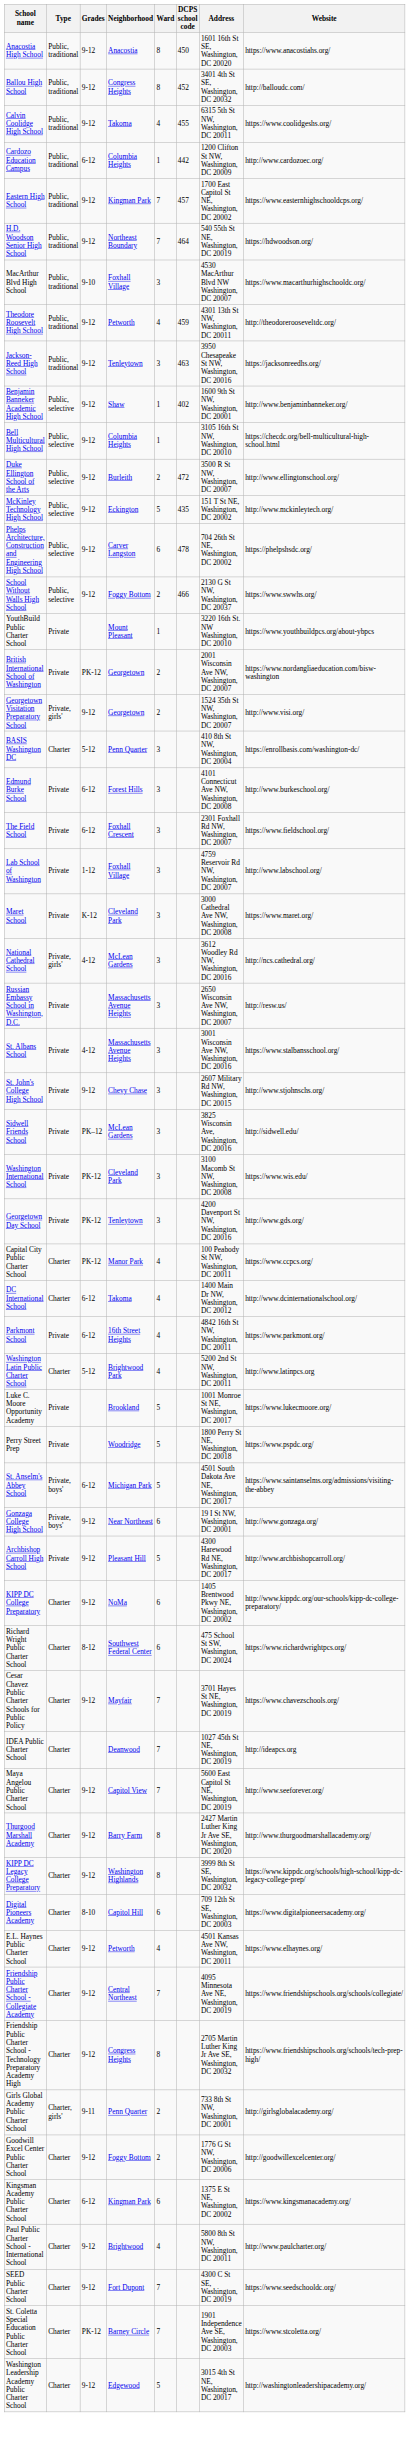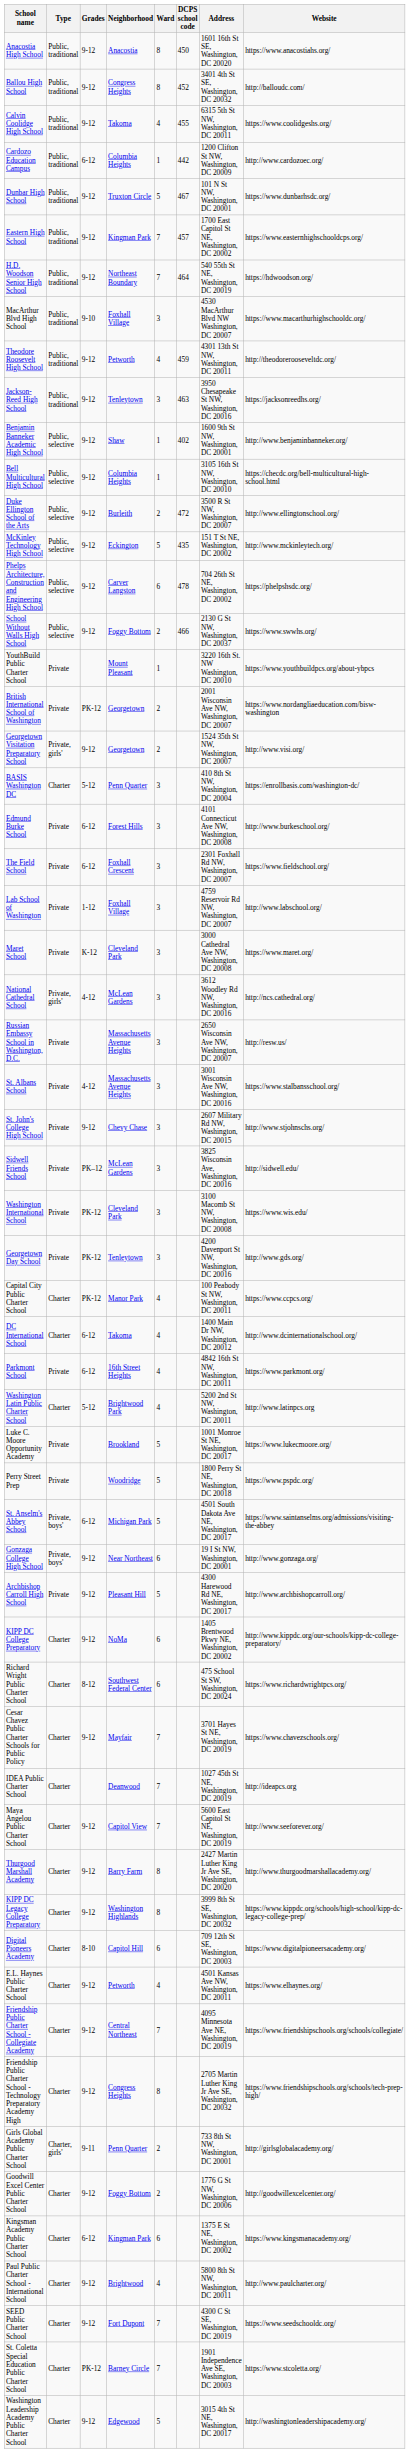 <table class="wikitable sortable">
 <tr>
 <th>School name</th>
 <th>Type</th>
 <th>Grades</th>
 <th>Neighborhood</th>
 <th>Ward</th>
 <th width="5%">DCPS school code</th>
 <th>Address</th>
 <th>Website</th>
 </tr>
 <tr>
 <td><a href='#'>Anacostia High School</a></td>
 <td>Public, traditional</td>
 <td>9-12</td>
 <td><a href='#'>Anacostia</a></td>
 <td>8</td>
 <td>450</td>
 <td>1601 16th St SE, Washington, DC 20020</td>
 <td>https://www.anacostiahs.org/</td>
 </tr>
 <tr>
 <td><a href='#'>Ballou High School</a></td>
 <td>Public, traditional</td>
 <td>9-12</td>
 <td><a href='#'>Congress Heights</a></td>
 <td>8</td>
 <td>452</td>
 <td>3401 4th St SE, Washington, DC 20032</td>
 <td>http://balloudc.com/</td>
 </tr>
 <tr>
 <td><a href='#'>Calvin Coolidge High School</a></td>
 <td>Public, traditional</td>
 <td>9-12</td>
 <td><a href='#'>Takoma</a></td>
 <td>4</td>
 <td>455</td>
 <td>6315 5th St NW, Washington, DC 20011</td>
 <td>https://www.coolidgeshs.org/</td>
 </tr>
 <tr>
 <td><a href='#'>Cardozo Education Campus</a></td>
 <td>Public, traditional</td>
 <td>6-12</td>
 <td><a href='#'>Columbia Heights</a></td>
 <td>1</td>
 <td>442</td>
 <td>1200 Clifton St NW, Washington, DC 20009</td>
 <td>http://www.cardozoec.org/</td>
+</tr>
+<tr>
+<td><a href='#'>Dunbar High School</a></td>
+<td>Public, traditional</td>
+<td>9-12</td>
+<td><a href='#'>Truxton Circle</a></td>
+<td>5</td>
+<td>467</td>
+<td>101 N St NW, Washington, DC 20001</td>
+<td>https://www.dunbarhsdc.org/</td>
 </tr>
 <tr>
 <td><a href='#'>Eastern High School</a></td>
 <td>Public, traditional</td>
 <td>9-12</td>
 <td><a href='#'>Kingman Park</a></td>
 <td>7</td>
 <td>457</td>
 <td>1700 East Capitol St NE, Washington, DC 20002</td>
 <td>https://www.easternhighschooldcps.org/</td>
 </tr>
 <tr>
 <td><a href='#'>H.D. Woodson Senior High School</a></td>
 <td>Public, traditional</td>
 <td>9-12</td>
 <td><a href='#'>Northeast Boundary</a></td>
 <td>7</td>
 <td>464</td>
 <td>540 55th St NE, Washington, DC 20019</td>
 <td>https://hdwoodson.org/</td>
 </tr>
 <tr>
 <td>MacArthur Blvd High School</td>
 <td>Public, traditional</td>
 <td>9-10</td>
 <td><a href='#'>Foxhall Village</a></td>
 <td>3</td>
 <td></td>
 <td>4530 MacArthur Blvd NW<br>Washington, DC 20007</td>
 <td>https://www.macarthurhighschooldc.org/</td>
 </tr>
 <tr>
 <td><a href='#'>Theodore Roosevelt High School</a></td>
 <td>Public, traditional</td>
 <td>9-12</td>
 <td><a href='#'>Petworth</a></td>
 <td>4</td>
 <td>459</td>
 <td>4301 13th St NW, Washington, DC 20011</td>
 <td>http://theodorerooseveltdc.org/</td>
 </tr>
 <tr>
 <td><a href='#'>Jackson-Reed High School</a></td>
 <td>Public, traditional</td>
 <td>9-12</td>
 <td><a href='#'>Tenleytown</a></td>
 <td>3</td>
 <td>463</td>
 <td>3950 Chesapeake St NW, Washington, DC 20016</td>
 <td>https://jacksonreedhs.org/</td>
 </tr>
 <tr>
 <td><a href='#'>Benjamin Banneker Academic High School</a></td>
 <td>Public, selective</td>
 <td>9-12</td>
 <td><a href='#'>Shaw</a></td>
 <td>1</td>
 <td>402</td>
 <td>1600 9th St NW, Washington, DC 20001</td>
 <td>http://www.benjaminbanneker.org/</td>
 </tr>
 <tr>
 <td><a href='#'>Bell Multicultural High School</a></td>
 <td>Public, selective</td>
 <td>9-12</td>
 <td><a href='#'>Columbia Heights</a></td>
 <td>1</td>
 <td></td>
 <td>3105 16th St NW, Washington, DC 20010</td>
 <td>https://checdc.org/bell-multicultural-high-school.html</td>
 </tr>
 <tr>
 <td><a href='#'>Duke Ellington School of the Arts</a></td>
 <td>Public, selective</td>
 <td>9-12</td>
 <td><a href='#'>Burleith</a></td>
 <td>2</td>
 <td>472</td>
 <td>3500 R St NW, Washington, DC 20007</td>
 <td>http://www.ellingtonschool.org/</td>
 </tr>
 <tr>
 <td><a href='#'>McKinley Technology High School</a></td>
 <td>Public, selective</td>
 <td>9-12</td>
 <td><a href='#'>Eckington</a></td>
 <td>5</td>
 <td>435</td>
 <td>151 T St NE, Washington, DC 20002</td>
 <td>http://www.mckinleytech.org/</td>
 </tr>
 <tr>
 <td><a href='#'>Phelps Architecture, Construction and Engineering High School</a></td>
 <td>Public, selective</td>
 <td>9-12</td>
 <td><a href='#'>Carver Langston</a></td>
 <td>6</td>
 <td>478</td>
 <td>704 26th St NE, Washington, DC 20002</td>
 <td>https://phelpshsdc.org/</td>
 </tr>
 <tr>
 <td><a href='#'>School Without Walls High School</a></td>
 <td>Public, selective</td>
 <td>9-12</td>
 <td><a href='#'>Foggy Bottom</a></td>
 <td>2</td>
 <td>466</td>
 <td>2130 G St NW, Washington, DC 20037</td>
 <td>https://www.swwhs.org/</td>
 </tr>
 <tr>
 <td>YouthBuild Public Charter School</td>
 <td>Private</td>
 <td></td>
 <td><a href='#'>Mount Pleasant</a></td>
 <td>1</td>
 <td></td>
 <td>3220 16th St. NW Washington, DC 20010</td>
 <td>https://www.youthbuildpcs.org/about-ybpcs</td>
 </tr>
 <tr>
 <td><a href='#'>British International School of Washington</a></td>
 <td>Private</td>
 <td>PK-12</td>
 <td><a href='#'>Georgetown</a></td>
 <td>2</td>
 <td></td>
 <td>2001 Wisconsin Ave NW, Washington, DC 20007</td>
 <td>https://www.nordangliaeducation.com/bisw-washington</td>
 </tr>
 <tr>
 <td><a href='#'>Georgetown Visitation Preparatory School</a></td>
 <td>Private, girls'</td>
 <td>9-12</td>
 <td><a href='#'>Georgetown</a></td>
 <td>2</td>
 <td></td>
 <td>1524 35th St NW, Washington, DC 20007</td>
 <td>http://www.visi.org/</td>
 </tr>
 <tr>
 <td><a href='#'>BASIS Washington DC</a></td>
 <td>Charter</td>
 <td>5-12</td>
 <td><a href='#'>Penn Quarter</a></td>
 <td>3</td>
 <td></td>
 <td>410 8th St NW, Washington, DC 20004</td>
 <td>https://enrollbasis.com/washington-dc/</td>
 </tr>
 <tr>
 <td><a href='#'>Edmund Burke School</a></td>
 <td>Private</td>
 <td>6-12</td>
 <td><a href='#'>Forest Hills</a></td>
 <td>3</td>
 <td></td>
 <td>4101 Connecticut Ave NW, Washington, DC 20008</td>
 <td>http://www.burkeschool.org/</td>
 </tr>
 <tr>
 <td><a href='#'>The Field School</a></td>
 <td>Private</td>
 <td>6-12</td>
 <td><a href='#'>Foxhall Crescent</a></td>
 <td>3</td>
 <td></td>
 <td>2301 Foxhall Rd NW, Washington, DC 20007</td>
 <td>https://www.fieldschool.org/</td>
 </tr>
 <tr>
 <td><a href='#'>Lab School of Washington</a></td>
 <td>Private</td>
 <td>1-12</td>
 <td><a href='#'>Foxhall Village</a></td>
 <td>3</td>
 <td></td>
 <td>4759 Reservoir Rd NW, Washington, DC 20007</td>
 <td>http://www.labschool.org/</td>
 </tr>
 <tr>
 <td><a href='#'>Maret School</a></td>
 <td>Private</td>
 <td>K-12</td>
 <td><a href='#'>Cleveland Park</a></td>
 <td>3</td>
 <td></td>
 <td>3000 Cathedral Ave NW, Washington, DC 20008</td>
 <td>https://www.maret.org/</td>
 </tr>
 <tr>
 <td><a href='#'>National Cathedral School</a></td>
 <td>Private, girls'</td>
 <td>4-12</td>
 <td><a href='#'>McLean Gardens</a></td>
 <td>3</td>
 <td></td>
 <td>3612 Woodley Rd NW, Washington, DC 20016</td>
 <td>http://ncs.cathedral.org/</td>
 </tr>
 <tr>
 <td><a href='#'>Russian Embassy School in Washington, D.C.</a></td>
 <td>Private</td>
 <td></td>
 <td><a href='#'>Massachusetts Avenue Heights</a></td>
 <td>3</td>
 <td></td>
 <td>2650 Wisconsin Ave NW, Washington, DC 20007</td>
 <td>http://resw.us/</td>
 </tr>
 <tr>
 <td><a href='#'>St. Albans School</a></td>
 <td>Private</td>
 <td>4-12</td>
 <td><a href='#'>Massachusetts Avenue Heights</a></td>
 <td>3</td>
 <td></td>
 <td>3001 Wisconsin Ave NW, Washington, DC 20016</td>
 <td>https://www.stalbansschool.org/</td>
 </tr>
 <tr>
 <td><a href='#'>St. John's College High School</a></td>
 <td>Private</td>
 <td>9-12</td>
 <td><a href='#'>Chevy Chase</a></td>
 <td>3</td>
 <td></td>
 <td>2607 Military Rd NW, Washington, DC 20015</td>
 <td>http://www.stjohnschs.org/</td>
 </tr>
 <tr>
 <td><a href='#'>Sidwell Friends School</a></td>
 <td>Private</td>
 <td>PK–12</td>
 <td><a href='#'>McLean Gardens</a></td>
 <td>3</td>
 <td></td>
 <td>3825 Wisconsin Ave, Washington, DC 20016</td>
 <td>http://sidwell.edu/</td>
 </tr>
 <tr>
 <td><a href='#'>Washington International School</a></td>
 <td>Private</td>
 <td>PK-12</td>
 <td><a href='#'>Cleveland Park</a></td>
 <td>3</td>
 <td></td>
 <td>3100 Macomb St NW, Washington, DC 20008</td>
 <td>https://www.wis.edu/</td>
 </tr>
 <tr>
 <td><a href='#'>Georgetown Day School</a></td>
 <td>Private</td>
 <td>PK-12</td>
 <td><a href='#'>Tenleytown</a></td>
 <td>3</td>
 <td></td>
 <td>4200 Davenport St NW, Washington, DC 20016</td>
 <td>http://www.gds.org/</td>
 </tr>
 <tr>
 <td>Capital City Public Charter School</td>
 <td>Charter</td>
 <td>PK-12</td>
 <td><a href='#'>Manor Park</a></td>
 <td>4</td>
 <td></td>
 <td>100 Peabody St NW, Washington, DC 20011</td>
 <td>https://www.ccpcs.org/</td>
 </tr>
 <tr>
 <td><a href='#'>DC International School</a></td>
 <td>Charter</td>
 <td>6-12</td>
 <td><a href='#'>Takoma</a></td>
 <td>4</td>
 <td></td>
 <td>1400 Main Dr NW, Washington, DC 20012</td>
 <td>http://www.dcinternationalschool.org/</td>
 </tr>
 <tr>
 <td><a href='#'>Parkmont School</a></td>
 <td>Private</td>
 <td>6-12</td>
 <td><a href='#'>16th Street Heights</a></td>
 <td>4</td>
 <td></td>
 <td>4842 16th St NW, Washington, DC 20011</td>
 <td>https://www.parkmont.org/</td>
 </tr>
 <tr>
 <td><a href='#'>Washington Latin Public Charter School</a></td>
 <td>Charter</td>
 <td>5-12</td>
 <td><a href='#'>Brightwood Park</a></td>
 <td>4</td>
 <td></td>
 <td>5200 2nd St NW, Washington, DC 20011</td>
 <td>http://www.latinpcs.org</td>
 </tr>
 <tr>
 <td>Luke C. Moore Opportunity Academy</td>
 <td>Private</td>
 <td></td>
 <td><a href='#'>Brookland</a></td>
 <td>5</td>
 <td></td>
 <td>1001 Monroe St NE, Washington, DC 20017</td>
 <td>https://www.lukecmoore.org/</td>
 </tr>
 <tr>
 <td>Perry Street Prep</td>
 <td>Private</td>
 <td></td>
 <td><a href='#'>Woodridge</a></td>
 <td>5</td>
 <td></td>
 <td>1800 Perry St NE, Washington, DC 20018</td>
 <td>https://www.pspdc.org/</td>
 </tr>
 <tr>
 <td><a href='#'>St. Anselm's Abbey School</a></td>
 <td>Private, boys'</td>
 <td>6-12</td>
 <td><a href='#'>Michigan Park</a></td>
 <td>5</td>
 <td></td>
 <td>4501 South Dakota Ave NE, Washington, DC 20017</td>
 <td>https://www.saintanselms.org/admissions/visiting-the-abbey</td>
 </tr>
 <tr>
 <td><a href='#'>Gonzaga College High School</a></td>
 <td>Private, boys'</td>
 <td>9-12</td>
 <td><a href='#'>Near Northeast</a></td>
 <td>6</td>
 <td></td>
 <td>19 I St NW, Washington, DC 20001</td>
 <td>http://www.gonzaga.org/</td>
 </tr>
 <tr>
 <td><a href='#'>Archbishop Carroll High School</a></td>
 <td>Private</td>
 <td>9-12</td>
 <td><a href='#'>Pleasant Hill</a></td>
 <td>5</td>
 <td></td>
 <td>4300 Harewood Rd NE, Washington, DC 20017</td>
 <td>http://www.archbishopcarroll.org/</td>
 </tr>
 <tr>
 <td><a href='#'>KIPP DC College Preparatory</a></td>
 <td>Charter</td>
 <td>9-12</td>
 <td><a href='#'>NoMa</a></td>
 <td>6</td>
 <td></td>
 <td>1405 Brentwood Pkwy NE, Washington, DC 20002</td>
 <td>http://www.kippdc.org/our-schools/kipp-dc-college-preparatory/</td>
 </tr>
 <tr>
 <td>Richard Wright Public Charter School</td>
 <td>Charter</td>
 <td>8-12</td>
 <td><a href='#'>Southwest Federal Center</a></td>
 <td>6</td>
 <td></td>
 <td>475 School St SW, Washington, DC 20024</td>
 <td>https://www.richardwrightpcs.org/</td>
 </tr>
 <tr>
 <td>Cesar Chavez Public Charter Schools for Public Policy</td>
 <td>Charter</td>
 <td>9-12</td>
 <td><a href='#'>Mayfair</a></td>
 <td>7</td>
 <td></td>
 <td>3701 Hayes St NE, Washington, DC 20019</td>
 <td>https://www.chavezschools.org/</td>
 </tr>
 <tr>
 <td>IDEA Public Charter School</td>
 <td>Charter</td>
 <td></td>
 <td><a href='#'>Deanwood</a></td>
 <td>7</td>
 <td></td>
 <td>1027 45th St NE, Washington, DC 20019</td>
 <td>http://ideapcs.org</td>
 </tr>
 <tr>
 <td>Maya Angelou Public Charter School</td>
 <td>Charter</td>
 <td>9-12</td>
 <td><a href='#'>Capitol View</a></td>
 <td>7</td>
 <td></td>
 <td>5600 East Capitol St NE, Washington, DC 20019</td>
 <td>http://www.seeforever.org/</td>
 </tr>
 <tr>
 <td><a href='#'>Thurgood Marshall Academy</a></td>
 <td>Charter</td>
 <td>9-12</td>
 <td><a href='#'>Barry Farm</a></td>
 <td>8</td>
 <td></td>
 <td>2427 Martin Luther King Jr Ave SE, Washington, DC 20020</td>
 <td>http://www.thurgoodmarshallacademy.org/</td>
 </tr>
 <tr>
 <td><a href='#'>KIPP DC Legacy College Preparatory</a></td>
 <td>Charter</td>
 <td>9-12</td>
 <td><a href='#'>Washington Highlands</a></td>
 <td>8</td>
 <td></td>
 <td>3999 8th St SE, Washington, DC 20032</td>
 <td>https://www.kippdc.org/schools/high-school/kipp-dc-legacy-college-prep/</td>
 </tr>
 <tr>
 <td><a href='#'>Digital Pioneers Academy</a></td>
 <td>Charter</td>
 <td>8-10</td>
 <td><a href='#'>Capitol Hill</a></td>
 <td>6</td>
 <td></td>
 <td>709 12th St SE, Washington, DC 20003</td>
 <td>https://www.digitalpioneersacademy.org/</td>
 </tr>
 <tr>
 <td>E.L. Haynes Public Charter School</td>
 <td>Charter</td>
 <td>9-12</td>
 <td><a href='#'>Petworth</a></td>
 <td>4</td>
 <td></td>
 <td>4501 Kansas Ave NW, Washington, DC 20011</td>
 <td>https://www.elhaynes.org/</td>
 </tr>
 <tr>
 <td><a href='#'>Friendship Public Charter School - Collegiate Academy</a></td>
 <td>Charter</td>
 <td>9-12</td>
 <td><a href='#'>Central Northeast</a></td>
 <td>7</td>
 <td></td>
 <td>4095 Minnesota Ave NE, Washington, DC 20019</td>
 <td>https://www.friendshipschools.org/schools/collegiate/</td>
 </tr>
 <tr>
 <td>Friendship Public Charter School - Technology Preparatory Academy High</td>
 <td>Charter</td>
 <td>9-12</td>
 <td><a href='#'>Congress Heights</a></td>
 <td>8</td>
 <td></td>
 <td>2705 Martin Luther King Jr Ave SE, Washington, DC 20032</td>
 <td>https://www.friendshipschools.org/schools/tech-prep-high/</td>
 </tr>
 <tr>
 <td>Girls Global Academy Public Charter School</td>
 <td>Charter, girls'</td>
 <td>9-11</td>
 <td><a href='#'>Penn Quarter</a></td>
 <td>2</td>
 <td></td>
 <td>733 8th St NW, Washington, DC 20001</td>
 <td>http://girlsglobalacademy.org/</td>
 </tr>
 <tr>
 <td>Goodwill Excel Center Public Charter School</td>
 <td>Charter</td>
 <td>9-12</td>
 <td><a href='#'>Foggy Bottom</a></td>
 <td>2</td>
 <td></td>
 <td>1776 G St NW, Washington, DC 20006</td>
 <td>http://goodwillexcelcenter.org/</td>
 </tr>
 <tr>
 <td>Kingsman Academy Public Charter School</td>
 <td>Charter</td>
 <td>6-12</td>
 <td><a href='#'>Kingman Park</a></td>
 <td>6</td>
 <td></td>
 <td>1375 E St NE, Washington, DC 20002</td>
 <td>https://www.kingsmanacademy.org/</td>
 </tr>
 <tr>
 <td>Paul Public Charter School - International School</td>
 <td>Charter</td>
 <td>9-12</td>
 <td><a href='#'>Brightwood</a></td>
 <td>4</td>
 <td></td>
 <td>5800 8th St NW, Washington, DC 20011</td>
 <td>http://www.paulcharter.org/</td>
 </tr>
 <tr>
 <td>SEED Public Charter School</td>
 <td>Charter</td>
 <td>9-12</td>
 <td><a href='#'>Fort Dupont</a></td>
 <td>7</td>
 <td></td>
 <td>4300 C St SE, Washington, DC 20019</td>
 <td>https://www.seedschooldc.org/</td>
 </tr>
 <tr>
 <td>St. Coletta Special Education Public Charter School</td>
 <td>Charter</td>
 <td>PK-12</td>
 <td><a href='#'>Barney Circle</a></td>
 <td>7</td>
 <td></td>
 <td>1901 Independence Ave SE, Washington, DC 20003</td>
 <td>https://www.stcoletta.org/</td>
 </tr>
 <tr>
 <td>Washington Leadership Academy Public Charter School</td>
 <td>Charter</td>
 <td>9-12</td>
 <td><a href='#'>Edgewood</a></td>
 <td>5</td>
 <td></td>
 <td>3015 4th St NE, Washington, DC 20017</td>
 <td>http://washingtonleadershipacademy.org/</td>
 </tr>
 </table>
